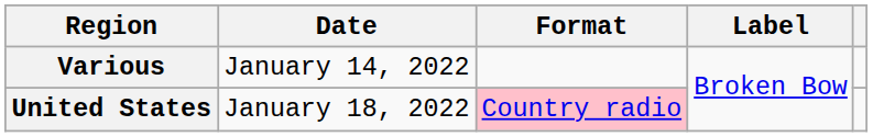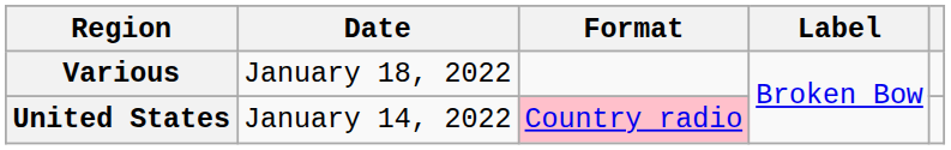 <table class="wikitable plainrowheaders">
 <tr>
 <th scope="col">Region</th>
 <th scope="col">Date</th>
 <th scope="col">Format</th>
 <th scope="col">Label</th>
 <th scope="col"></th>
 </tr>
 <tr>
 <th scope="row">Various</th>
-<td>January 14, 2022</td>
+<td>January 18, 2022</td>
 <td></td>
 <td rowspan="2"><a href='#'>Broken Bow</a></td>
 <td></td>
 </tr>
 <tr>
 <th scope="row">United States</th>
-<td>January 18, 2022</td>
+<td>January 14, 2022</td>
 <td style="background: pink;"><a href='#'>Country radio</a></td>
 <td></td>
 </tr>
 </table>
